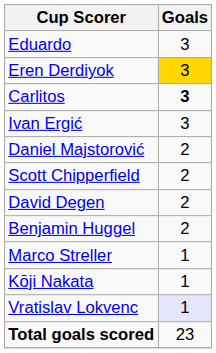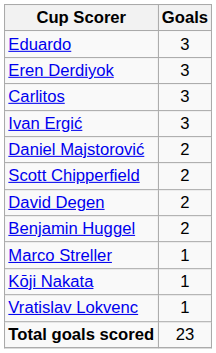 <table class="wikitable">
 <tr>
 <th>Cup Scorer</th>
 <th>Goals</th>
 </tr>
 <tr>
 <td> <a href='#'>Eduardo</a></td>
 <td style="text-align:center;">3</td>
 </tr>
 <tr>
 <td> <a href='#'>Eren Derdiyok</a></td>
-<td style="background: gold; text-align:center;">3</td>
+<td style="text-align:center;">3</td>
 </tr>
 <tr>
 <td> <a href='#'>Carlitos</a></td>
-<td style="text-align:center;"><strong>3</strong></td>
+<td style="text-align:center;">3</td>
 </tr>
 <tr>
 <td> <a href='#'>Ivan Ergić</a></td>
 <td style="text-align:center;">3</td>
 </tr>
 <tr>
 <td> <a href='#'>Daniel Majstorović</a></td>
 <td style="text-align:center;">2</td>
 </tr>
 <tr>
 <td> <a href='#'>Scott Chipperfield</a></td>
 <td style="text-align:center;">2</td>
 </tr>
 <tr>
 <td> <a href='#'>David Degen</a></td>
 <td style="text-align:center;">2</td>
 </tr>
 <tr>
 <td> <a href='#'>Benjamin Huggel</a></td>
 <td style="text-align:center;">2</td>
 </tr>
 <tr>
 <td> <a href='#'>Marco Streller</a></td>
 <td style="text-align:center;">1</td>
 </tr>
 <tr>
 <td> <a href='#'>Kōji Nakata</a></td>
 <td style="text-align:center;">1</td>
 </tr>
 <tr>
 <td> <a href='#'>Vratislav Lokvenc</a></td>
-<td style="background: lavender; text-align:center;">1</td>
+<td style="text-align:center;">1</td>
 </tr>
 <tr>
 <td><strong>Total goals scored</strong></td>
 <td style="text-align:center;">23</td>
 </tr>
 <tr>
 </tr>
 </table>
